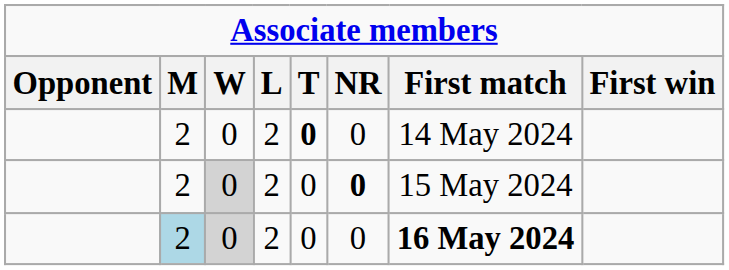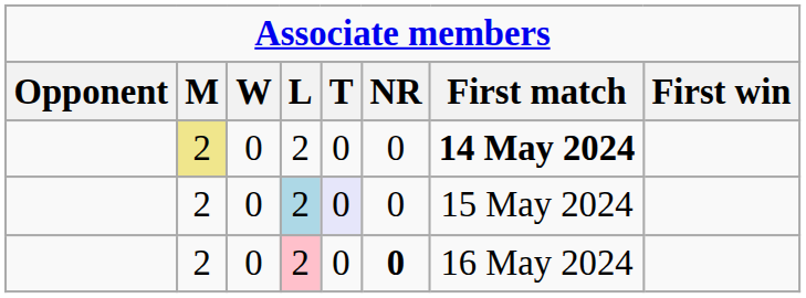 <table class="wikitable" style="text-align: center;">
 <tr>
 <td colspan="30" style="text-align: center;"><strong><a href='#'>Associate members</a></strong></td>
 </tr>
 <tr>
 <th>Opponent</th>
 <th>M</th>
 <th>W</th>
 <th>L</th>
 <th>T</th>
 <th>NR</th>
 <th>First match</th>
 <th>First win</th>
 </tr>
 <tr>
 <td></td>
+<td style="background: khaki;">2</td>
+<td>0</td>
 <td>2</td>
 <td>0</td>
-<td>2</td>
-<td><strong>0</strong></td>
 <td>0</td>
-<td>14 May 2024</td>
+<td><strong>14 May 2024</strong></td>
 <td></td>
 </tr>
 <tr>
 <td></td>
 <td>2</td>
-<td style="background: lightgrey;">0</td>
-<td>2</td>
 <td>0</td>
-<td><strong>0</strong></td>
+<td style="background: lightblue;">2</td>
+<td style="background: lavender;">0</td>
+<td>0</td>
 <td>15 May 2024</td>
 <td></td>
 </tr>
 <tr>
 <td></td>
-<td style="background: lightblue;">2</td>
-<td style="background: lightgrey;">0</td>
 <td>2</td>
 <td>0</td>
+<td style="background: pink;">2</td>
 <td>0</td>
-<td><strong>16 May 2024</strong></td>
+<td><strong>0</strong></td>
+<td>16 May 2024</td>
 <td></td>
 </tr>
 </table>
